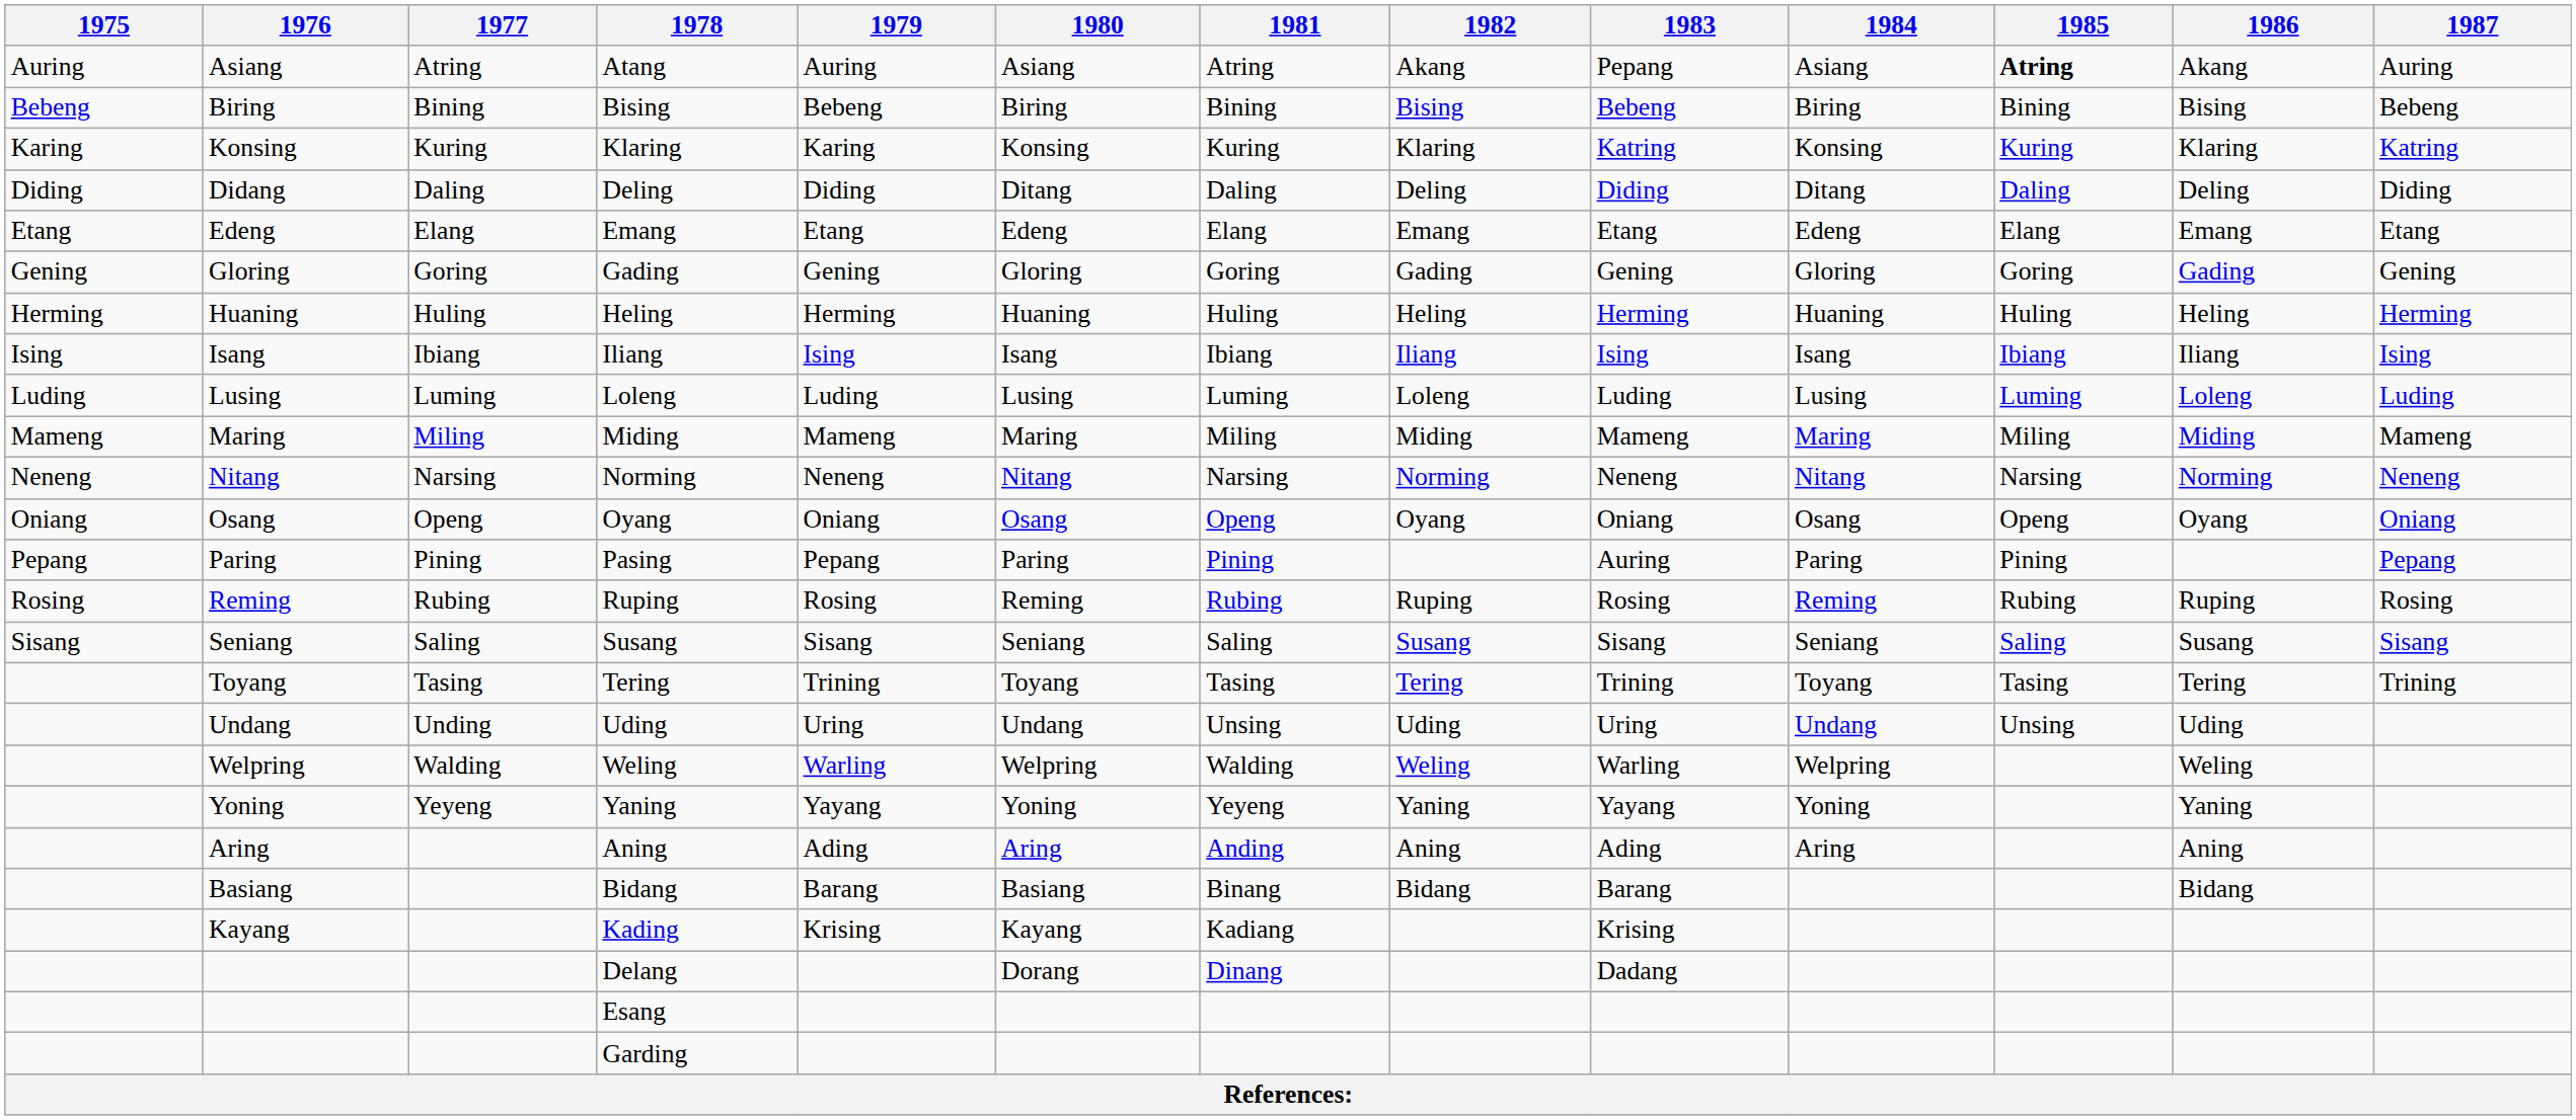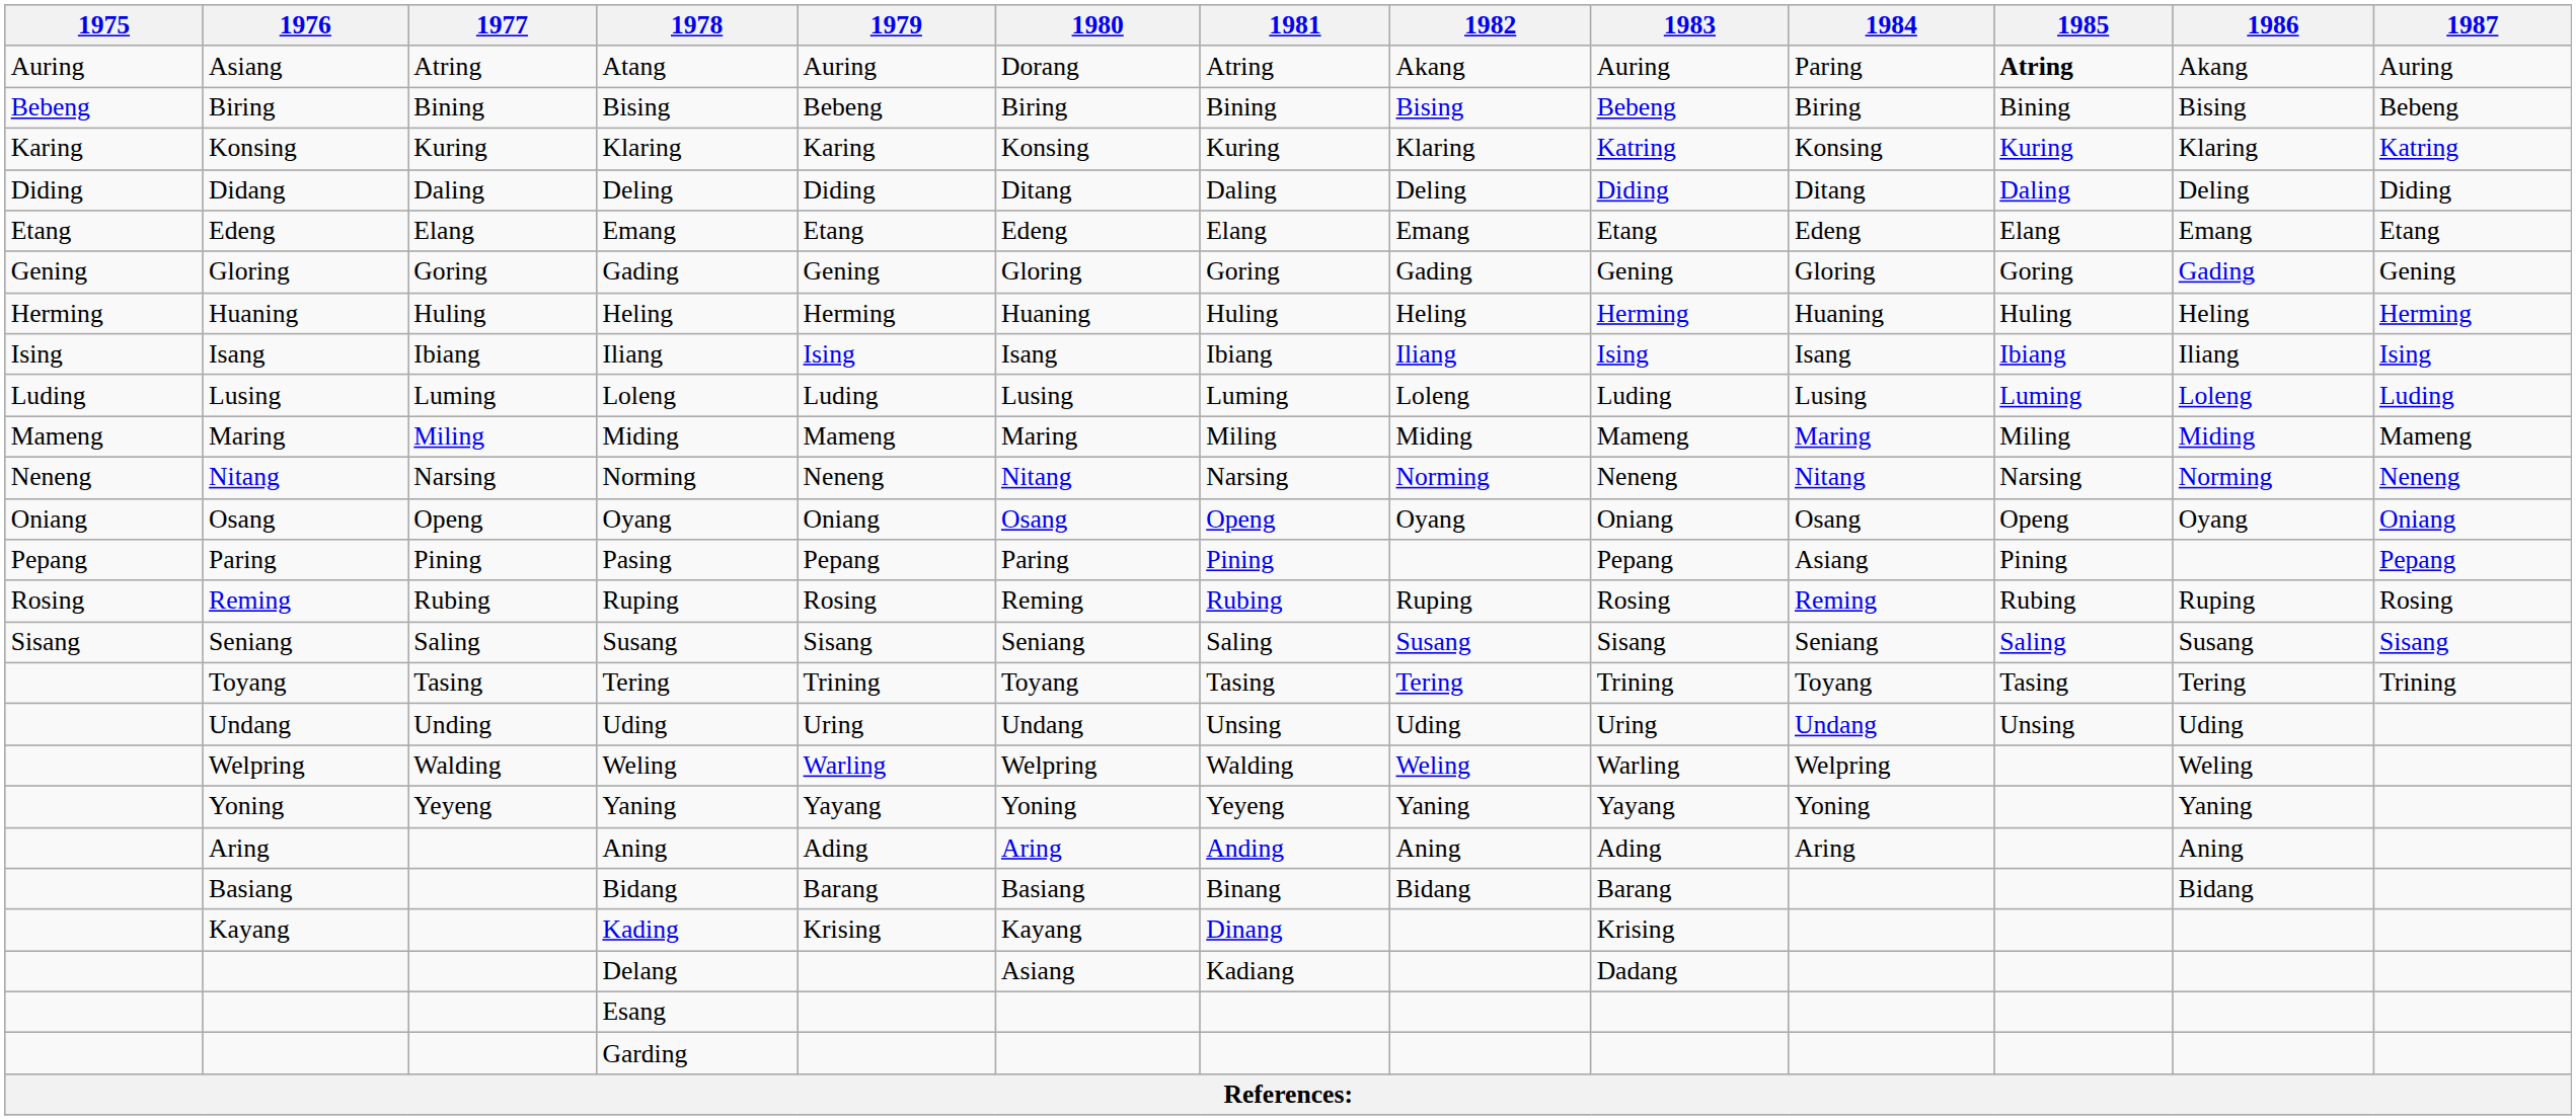 <table class="wikitable" width="100%">
 <tr>
 <th><a href='#'>1975</a></th>
 <th><a href='#'>1976</a></th>
 <th><a href='#'>1977</a></th>
 <th><a href='#'>1978</a></th>
 <th><a href='#'>1979</a></th>
 <th><a href='#'>1980</a></th>
 <th><a href='#'>1981</a></th>
 <th><a href='#'>1982</a></th>
 <th><a href='#'>1983</a></th>
 <th><a href='#'>1984</a></th>
 <th><a href='#'>1985</a></th>
 <th><a href='#'>1986</a></th>
 <th><a href='#'>1987</a></th>
 </tr>
 <tr>
 <td>Auring</td>
 <td>Asiang</td>
 <td>Atring</td>
 <td>Atang</td>
 <td>Auring</td>
-<td>Asiang</td>
+<td>Dorang</td>
 <td>Atring</td>
 <td>Akang</td>
-<td>Pepang</td>
-<td>Asiang</td>
+<td>Auring</td>
+<td>Paring</td>
 <td><strong>Atring</strong></td>
 <td>Akang</td>
 <td>Auring</td>
 </tr>
 <tr>
 <td><a href='#'>Bebeng</a></td>
 <td>Biring</td>
 <td>Bining</td>
 <td>Bising</td>
 <td>Bebeng</td>
 <td>Biring</td>
 <td>Bining</td>
 <td><a href='#'>Bising</a></td>
 <td><a href='#'>Bebeng</a></td>
 <td>Biring</td>
 <td>Bining</td>
 <td>Bising</td>
 <td>Bebeng</td>
 </tr>
 <tr>
 <td>Karing</td>
 <td>Konsing</td>
 <td>Kuring</td>
 <td>Klaring</td>
 <td>Karing</td>
 <td>Konsing</td>
 <td>Kuring</td>
 <td>Klaring</td>
 <td><a href='#'>Katring</a></td>
 <td>Konsing</td>
 <td><a href='#'>Kuring</a></td>
 <td>Klaring</td>
 <td><a href='#'>Katring</a></td>
 </tr>
 <tr>
 <td>Diding</td>
 <td>Didang</td>
 <td>Daling</td>
 <td>Deling</td>
 <td>Diding</td>
 <td>Ditang</td>
 <td>Daling</td>
 <td>Deling</td>
 <td><a href='#'>Diding</a></td>
 <td>Ditang</td>
 <td><a href='#'>Daling</a></td>
 <td>Deling</td>
 <td>Diding</td>
 </tr>
 <tr>
 <td>Etang</td>
 <td>Edeng</td>
 <td>Elang</td>
 <td>Emang</td>
 <td>Etang</td>
 <td>Edeng</td>
 <td>Elang</td>
 <td>Emang</td>
 <td>Etang</td>
 <td>Edeng</td>
 <td>Elang</td>
 <td>Emang</td>
 <td>Etang</td>
 </tr>
 <tr>
 <td>Gening</td>
 <td>Gloring</td>
 <td>Goring</td>
 <td>Gading</td>
 <td>Gening</td>
 <td>Gloring</td>
 <td>Goring</td>
 <td>Gading</td>
 <td>Gening</td>
 <td>Gloring</td>
 <td>Goring</td>
 <td><a href='#'>Gading</a></td>
 <td>Gening</td>
 </tr>
 <tr>
 <td>Herming</td>
 <td>Huaning</td>
 <td>Huling</td>
 <td>Heling</td>
 <td>Herming</td>
 <td>Huaning</td>
 <td>Huling</td>
 <td>Heling</td>
 <td><a href='#'>Herming</a></td>
 <td>Huaning</td>
 <td>Huling</td>
 <td>Heling</td>
 <td><a href='#'>Herming</a></td>
 </tr>
 <tr>
 <td>Ising</td>
 <td>Isang</td>
 <td>Ibiang</td>
 <td>Iliang</td>
 <td><a href='#'>Ising</a></td>
 <td>Isang</td>
 <td>Ibiang</td>
 <td><a href='#'>Iliang</a></td>
 <td><a href='#'>Ising</a></td>
 <td>Isang</td>
 <td><a href='#'>Ibiang</a></td>
 <td>Iliang</td>
 <td><a href='#'>Ising</a></td>
 </tr>
 <tr>
 <td>Luding</td>
 <td>Lusing</td>
 <td>Luming</td>
 <td>Loleng</td>
 <td>Luding</td>
 <td>Lusing</td>
 <td>Luming</td>
 <td>Loleng</td>
 <td>Luding</td>
 <td>Lusing</td>
 <td><a href='#'>Luming</a></td>
 <td><a href='#'>Loleng</a></td>
 <td><a href='#'>Luding</a></td>
 </tr>
 <tr>
 <td>Mameng</td>
 <td>Maring</td>
 <td><a href='#'>Miling</a></td>
 <td>Miding</td>
 <td>Mameng</td>
 <td>Maring</td>
 <td>Miling</td>
 <td>Miding</td>
 <td>Mameng</td>
 <td><a href='#'>Maring</a></td>
 <td>Miling</td>
 <td><a href='#'>Miding</a></td>
 <td>Mameng</td>
 </tr>
 <tr>
 <td>Neneng</td>
 <td><a href='#'>Nitang</a></td>
 <td>Narsing</td>
 <td>Norming</td>
 <td>Neneng</td>
 <td><a href='#'>Nitang</a></td>
 <td>Narsing</td>
 <td><a href='#'>Norming</a></td>
 <td>Neneng</td>
 <td><a href='#'>Nitang</a></td>
 <td>Narsing</td>
 <td><a href='#'>Norming</a></td>
 <td><a href='#'>Neneng</a></td>
 </tr>
 <tr>
 <td>Oniang</td>
 <td>Osang</td>
 <td>Openg</td>
 <td>Oyang</td>
 <td>Oniang</td>
 <td><a href='#'>Osang</a></td>
 <td><a href='#'>Openg</a></td>
 <td>Oyang</td>
 <td>Oniang</td>
 <td>Osang</td>
 <td>Openg</td>
 <td>Oyang</td>
 <td><a href='#'>Oniang</a></td>
 </tr>
 <tr>
 <td>Pepang</td>
 <td>Paring</td>
 <td>Pining</td>
 <td>Pasing</td>
 <td>Pepang</td>
 <td>Paring</td>
 <td><a href='#'>Pining</a></td>
 <td></td>
-<td>Auring</td>
-<td>Paring</td>
+<td>Pepang</td>
+<td>Asiang</td>
 <td>Pining</td>
 <td></td>
 <td><a href='#'>Pepang</a></td>
 </tr>
 <tr>
 <td>Rosing</td>
 <td><a href='#'>Reming</a></td>
 <td>Rubing</td>
 <td>Ruping</td>
 <td>Rosing</td>
 <td>Reming</td>
 <td><a href='#'>Rubing</a></td>
 <td>Ruping</td>
 <td>Rosing</td>
 <td><a href='#'>Reming</a></td>
 <td>Rubing</td>
 <td>Ruping</td>
 <td>Rosing</td>
 </tr>
 <tr>
 <td>Sisang</td>
 <td>Seniang</td>
 <td>Saling</td>
 <td>Susang</td>
 <td>Sisang</td>
 <td>Seniang</td>
 <td>Saling</td>
 <td><a href='#'>Susang</a></td>
 <td>Sisang</td>
 <td>Seniang</td>
 <td><a href='#'>Saling</a></td>
 <td>Susang</td>
 <td><a href='#'>Sisang</a></td>
 </tr>
 <tr>
 <td></td>
 <td>Toyang</td>
 <td>Tasing</td>
 <td>Tering</td>
 <td>Trining</td>
 <td>Toyang</td>
 <td>Tasing</td>
 <td><a href='#'>Tering</a></td>
 <td>Trining</td>
 <td>Toyang</td>
 <td>Tasing</td>
 <td>Tering</td>
 <td>Trining</td>
 </tr>
 <tr>
 <td></td>
 <td>Undang</td>
 <td>Unding</td>
 <td>Uding</td>
 <td>Uring</td>
 <td>Undang</td>
 <td>Unsing</td>
 <td>Uding</td>
 <td>Uring</td>
 <td><a href='#'>Undang</a></td>
 <td>Unsing</td>
 <td>Uding</td>
 <td></td>
 </tr>
 <tr>
 <td></td>
 <td>Welpring</td>
 <td>Walding</td>
 <td>Weling</td>
 <td><a href='#'>Warling</a></td>
 <td>Welpring</td>
 <td>Walding</td>
 <td><a href='#'>Weling</a></td>
 <td>Warling</td>
 <td>Welpring</td>
 <td></td>
 <td>Weling</td>
 <td></td>
 </tr>
 <tr>
 <td></td>
 <td>Yoning</td>
 <td>Yeyeng</td>
 <td>Yaning</td>
 <td>Yayang</td>
 <td>Yoning</td>
 <td>Yeyeng</td>
 <td>Yaning</td>
 <td>Yayang</td>
 <td>Yoning</td>
 <td></td>
 <td>Yaning</td>
 <td></td>
 </tr>
 <tr>
 <td></td>
 <td>Aring</td>
 <td></td>
 <td>Aning</td>
 <td>Ading</td>
 <td><a href='#'>Aring</a></td>
 <td><a href='#'>Anding</a></td>
 <td>Aning</td>
 <td>Ading</td>
 <td>Aring</td>
 <td></td>
 <td>Aning</td>
 <td></td>
 </tr>
 <tr>
 <td></td>
 <td>Basiang</td>
 <td></td>
 <td>Bidang</td>
 <td>Barang</td>
 <td>Basiang</td>
 <td>Binang</td>
 <td>Bidang</td>
 <td>Barang</td>
 <td></td>
 <td></td>
 <td>Bidang</td>
 <td></td>
 </tr>
 <tr>
 <td></td>
 <td>Kayang</td>
 <td></td>
 <td><a href='#'>Kading</a></td>
 <td>Krising</td>
 <td>Kayang</td>
-<td>Kadiang</td>
+<td><a href='#'>Dinang</a></td>
 <td></td>
 <td>Krising</td>
 <td></td>
 <td></td>
 <td></td>
 <td></td>
 </tr>
 <tr>
 <td></td>
 <td></td>
 <td></td>
 <td>Delang</td>
 <td></td>
-<td>Dorang</td>
-<td><a href='#'>Dinang</a></td>
+<td>Asiang</td>
+<td>Kadiang</td>
 <td></td>
 <td>Dadang</td>
 <td></td>
 <td></td>
 <td></td>
 <td></td>
 </tr>
 <tr>
 <td></td>
 <td></td>
 <td></td>
 <td>Esang</td>
 <td></td>
 <td></td>
 <td></td>
 <td></td>
 <td></td>
 <td></td>
 <td></td>
 <td></td>
 <td></td>
 </tr>
 <tr>
 <td></td>
 <td></td>
 <td></td>
 <td>Garding</td>
 <td></td>
 <td></td>
 <td></td>
 <td></td>
 <td></td>
 <td></td>
 <td></td>
 <td></td>
 <td></td>
 </tr>
 <tr>
 <th colspan=15>References:</th>
 </tr>
 </table>
